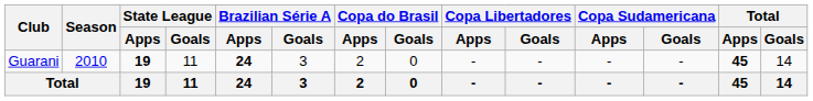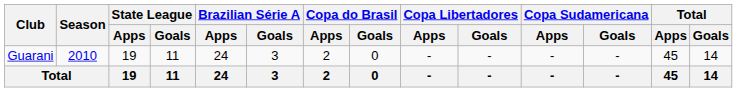 <table class="wikitable" style="text-align: center;">
 <tr>
 <th rowspan="2">Club</th>
 <th rowspan="2">Season</th>
 <th colspan="2">State League</th>
 <th colspan="2"><a href='#'>Brazilian Série A</a></th>
 <th colspan="2"><a href='#'>Copa do Brasil</a></th>
 <th colspan="2"><a href='#'>Copa Libertadores</a></th>
 <th colspan="2"><a href='#'>Copa Sudamericana</a></th>
 <th colspan="2">Total</th>
 </tr>
 <tr>
 <th>Apps</th>
 <th>Goals</th>
 <th>Apps</th>
 <th>Goals</th>
 <th>Apps</th>
 <th>Goals</th>
 <th>Apps</th>
 <th>Goals</th>
 <th>Apps</th>
 <th>Goals</th>
 <th>Apps</th>
 <th>Goals</th>
 </tr>
 <tr>
 <td rowspan="1" valign="center"><a href='#'>Guarani</a></td>
 <td><a href='#'>2010</a></td>
-<td><strong>19</strong></td>
+<td>19</td>
 <td>11</td>
-<td><strong>24</strong></td>
+<td>24</td>
 <td>3</td>
 <td>2</td>
 <td>0</td>
 <td>-</td>
 <td>-</td>
 <td>-</td>
 <td>-</td>
-<td><strong>45</strong></td>
+<td>45</td>
 <td>14</td>
 </tr>
 <tr>
 <th colspan="2"><strong>Total</strong></th>
 <th>19</th>
 <th>11</th>
 <th>24</th>
 <th>3</th>
 <th>2</th>
 <th>0</th>
 <th>-</th>
 <th>-</th>
 <th>-</th>
 <th>-</th>
 <th>45</th>
 <th>14</th>
 </tr>
 </table>
